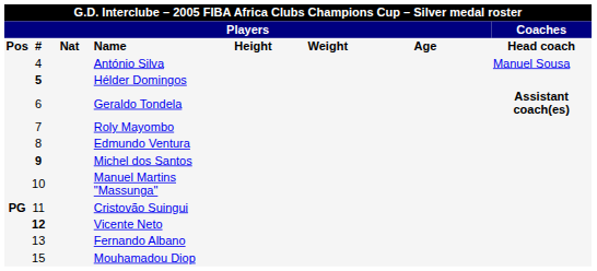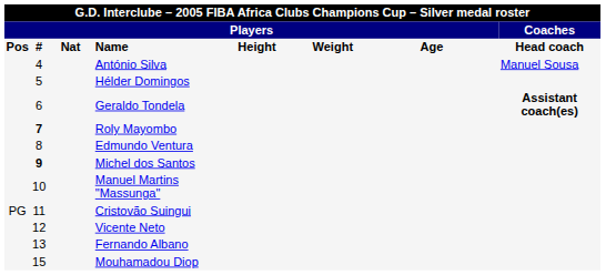 <table border=0 cellpadding=2 cellspacing=0  |- bgcolor=#f5f5f5 style="text-align:center; font-size:85%;" width=75%>
 <tr>
 <td colspan="8" style="background: black; color: white"><strong>G.D. Interclube – 2005 FIBA Africa Clubs Champions Cup – Silver medal roster</strong></td>
 </tr>
 <tr>
 <td colspan="7" style="background: #000080; color: white"><strong>Players</strong></td>
 <td style="background: #000080; color: white"><strong>Coaches</strong></td>
 </tr>
 <tr style="background=#f5f5f5; color: black">
 <th width=5px>Pos</th>
 <th width=5px>#</th>
 <th width=50px>Nat</th>
 <th width=135px align=left>Name</th>
 <th width=100px>Height</th>
 <th width=70px>Weight</th>
 <th width=160px>Age</th>
 <th width=115px>Head coach</th>
 </tr>
 <tr>
 <td></td>
 <td>4</td>
 <td></td>
 <td align=left><a href='#'>António Silva</a></td>
 <td></td>
 <td></td>
 <td><span></span></td>
 <td align=left> <a href='#'>Manuel Sousa</a></td>
 </tr>
 <tr>
 <td></td>
-<td><strong>5</strong></td>
+<td>5</td>
 <td></td>
 <td align=left><a href='#'>Hélder Domingos</a></td>
 <td></td>
 <td></td>
 <td><span></span></td>
 </tr>
 <tr>
 <td></td>
 <td>6</td>
 <td></td>
 <td align=left><a href='#'>Geraldo Tondela</a></td>
 <td></td>
 <td></td>
 <td><span></span></td>
 <td><strong>Assistant coach(es)</strong></td>
 </tr>
 <tr>
 <td></td>
-<td>7</td>
+<td><strong>7</strong></td>
 <td></td>
 <td align=left><a href='#'>Roly Mayombo</a></td>
 <td></td>
 <td></td>
 <td><span></span></td>
 <td align=left></td>
 </tr>
 <tr>
 <td></td>
 <td>8</td>
 <td></td>
 <td align=left><a href='#'>Edmundo Ventura</a></td>
 <td></td>
 <td></td>
 <td><span></span></td>
 <td align=left></td>
 </tr>
 <tr>
 <td></td>
 <td><strong>9</strong></td>
 <td></td>
 <td align=left><a href='#'>Michel dos Santos</a></td>
 <td></td>
 <td></td>
 <td><span></span></td>
 </tr>
 <tr>
 <td></td>
 <td>10</td>
 <td></td>
 <td align=left><a href='#'>Manuel Martins "Massunga"</a></td>
 <td></td>
 <td></td>
 <td><span></span></td>
 </tr>
 <tr>
-<td><strong>PG</strong></td>
+<td>PG</td>
 <td>11</td>
 <td></td>
 <td align=left><a href='#'>Cristovão Suingui</a></td>
 <td><span></span></td>
 <td><span></span></td>
 <td><span></span></td>
 </tr>
 <tr>
 <td></td>
-<td><strong>12</strong></td>
+<td>12</td>
 <td></td>
 <td align=left><a href='#'>Vicente Neto</a></td>
 <td></td>
 <td></td>
 <td><span></span></td>
 </tr>
 <tr>
 <td></td>
 <td>13</td>
 <td></td>
 <td align=left><a href='#'>Fernando Albano</a></td>
 <td></td>
 <td></td>
 <td><span></span></td>
 </tr>
 <tr>
 <td></td>
 <td>15</td>
 <td></td>
 <td align=left><a href='#'>Mouhamadou Diop</a></td>
 <td></td>
 <td></td>
 <td><span></span></td>
 </tr>
 </table>
